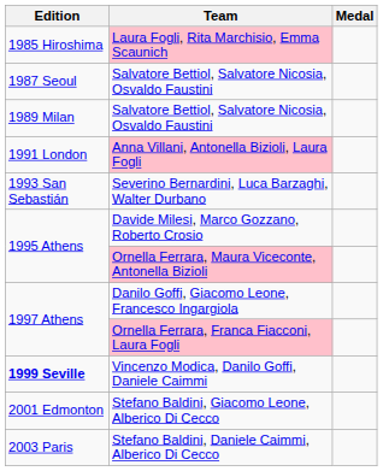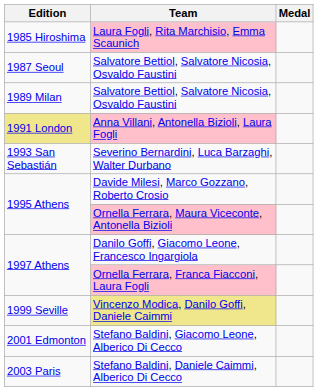 <table class="wikitable sortable" width=50% style="font-size:100%; text-align:left;">
 <tr>
 <th>Edition</th>
 <th>Team</th>
 <th>Medal</th>
 </tr>
 <tr>
 <td><a href='#'>1985 Hiroshima</a></td>
 <td bgcolor=pink><a href='#'>Laura Fogli</a>, <a href='#'>Rita Marchisio</a>, <a href='#'>Emma Scaunich</a></td>
 <td align=center></td>
 </tr>
 <tr>
 <td><a href='#'>1987 Seoul</a></td>
 <td><a href='#'>Salvatore Bettiol</a>, <a href='#'>Salvatore Nicosia</a>, <a href='#'>Osvaldo Faustini</a></td>
 <td align=center></td>
 </tr>
 <tr>
 <td><a href='#'>1989 Milan</a></td>
 <td><a href='#'>Salvatore Bettiol</a>, <a href='#'>Salvatore Nicosia</a>, <a href='#'>Osvaldo Faustini</a></td>
 <td align=center></td>
 </tr>
 <tr>
-<td><a href='#'>1991 London</a></td>
+<td style="background: khaki;"><a href='#'>1991 London</a></td>
 <td bgcolor=pink><a href='#'>Anna Villani</a>, <a href='#'>Antonella Bizioli</a>, <a href='#'>Laura Fogli</a></td>
 <td align=center></td>
 </tr>
 <tr>
 <td><a href='#'>1993 San Sebastián</a></td>
 <td><a href='#'>Severino Bernardini</a>, <a href='#'>Luca Barzaghi</a>, <a href='#'>Walter Durbano</a></td>
 <td align=center></td>
 </tr>
 <tr>
 <td rowspan=2><a href='#'>1995 Athens</a></td>
 <td><a href='#'>Davide Milesi</a>, <a href='#'>Marco Gozzano</a>, <a href='#'>Roberto Crosio</a></td>
 <td align=center></td>
 </tr>
 <tr>
 <td bgcolor=pink><a href='#'>Ornella Ferrara</a>, <a href='#'>Maura Viceconte</a>, <a href='#'>Antonella Bizioli</a></td>
 <td align=center></td>
 </tr>
 <tr>
 <td rowspan=2><a href='#'>1997 Athens</a></td>
 <td><a href='#'>Danilo Goffi</a>, <a href='#'>Giacomo Leone</a>, <a href='#'>Francesco Ingargiola</a></td>
 <td align=center></td>
 </tr>
 <tr>
 <td bgcolor=pink><a href='#'>Ornella Ferrara</a>, <a href='#'>Franca Fiacconi</a>, <a href='#'>Laura Fogli</a></td>
 <td align=center></td>
 </tr>
 <tr>
-<td><strong><a href='#'>1999 Seville</a></strong></td>
-<td><a href='#'>Vincenzo Modica</a>, <a href='#'>Danilo Goffi</a>, <a href='#'>Daniele Caimmi</a></td>
+<td><a href='#'>1999 Seville</a></td>
+<td style="background: khaki;"><a href='#'>Vincenzo Modica</a>, <a href='#'>Danilo Goffi</a>, <a href='#'>Daniele Caimmi</a></td>
 <td align=center></td>
 </tr>
 <tr>
 <td><a href='#'>2001 Edmonton</a></td>
 <td><a href='#'>Stefano Baldini</a>, <a href='#'>Giacomo Leone</a>, <a href='#'>Alberico Di Cecco</a></td>
 <td align=center></td>
 </tr>
 <tr>
 <td><a href='#'>2003 Paris</a></td>
 <td><a href='#'>Stefano Baldini</a>, <a href='#'>Daniele Caimmi</a>, <a href='#'>Alberico Di Cecco</a></td>
 <td align=center></td>
 </tr>
 </table>
